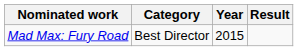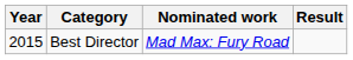 <table class="wikitable">
 <tr>
+<th>Year</th>
+<th>Category</th>
 <th>Nominated work</th>
-<th>Category</th>
-<th>Year</th>
 <th>Result</th>
 </tr>
 <tr>
+<td>2015</td>
+<td>Best Director</td>
 <td><em><a href='#'>Mad Max: Fury Road</a></em></td>
-<td>Best Director</td>
-<td>2015</td>
 <td></td>
 </tr>
 </table>
